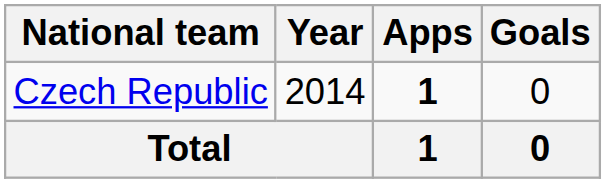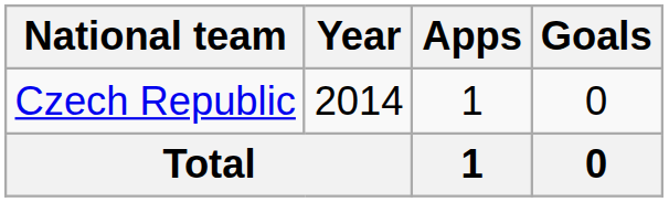 <table class=wikitable style=text-align:center>
 <tr>
 <th>National team</th>
 <th>Year</th>
 <th>Apps</th>
 <th>Goals</th>
 </tr>
 <tr>
 <td><a href='#'>Czech Republic</a></td>
 <td>2014</td>
-<td><strong>1</strong></td>
+<td>1</td>
 <td>0</td>
 </tr>
 <tr>
 <th colspan=2>Total</th>
 <th>1</th>
 <th>0</th>
 </tr>
 </table>
